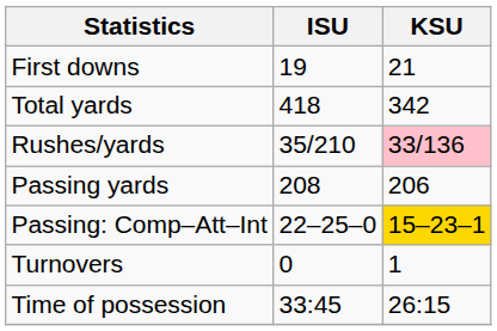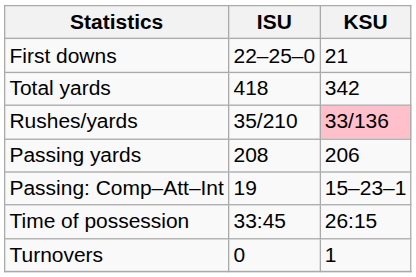 <table class="wikitable" style="float: left;">
 <tr>
 <th>Statistics</th>
 <th>ISU</th>
 <th>KSU</th>
 </tr>
 <tr>
 <td>First downs</td>
-<td>19</td>
+<td>22–25–0</td>
 <td>21</td>
 </tr>
 <tr>
 <td>Total yards</td>
 <td>418</td>
 <td>342</td>
 </tr>
 <tr>
 <td>Rushes/yards</td>
 <td>35/210</td>
 <td style="background: pink;">33/136</td>
 </tr>
 <tr>
 <td>Passing yards</td>
 <td>208</td>
 <td>206</td>
 </tr>
 <tr>
 <td>Passing: Comp–Att–Int</td>
-<td>22–25–0</td>
-<td style="background: gold;">15–23–1</td>
+<td>19</td>
+<td>15–23–1</td>
+</tr>
+<tr>
+<td>Time of possession</td>
+<td>33:45</td>
+<td>26:15</td>
 </tr>
 <tr>
 <td>Turnovers</td>
 <td>0</td>
 <td>1</td>
 </tr>
 <tr>
-<td>Time of possession</td>
-<td>33:45</td>
-<td>26:15</td>
-</tr>
-<tr>
 </tr>
 </table>
